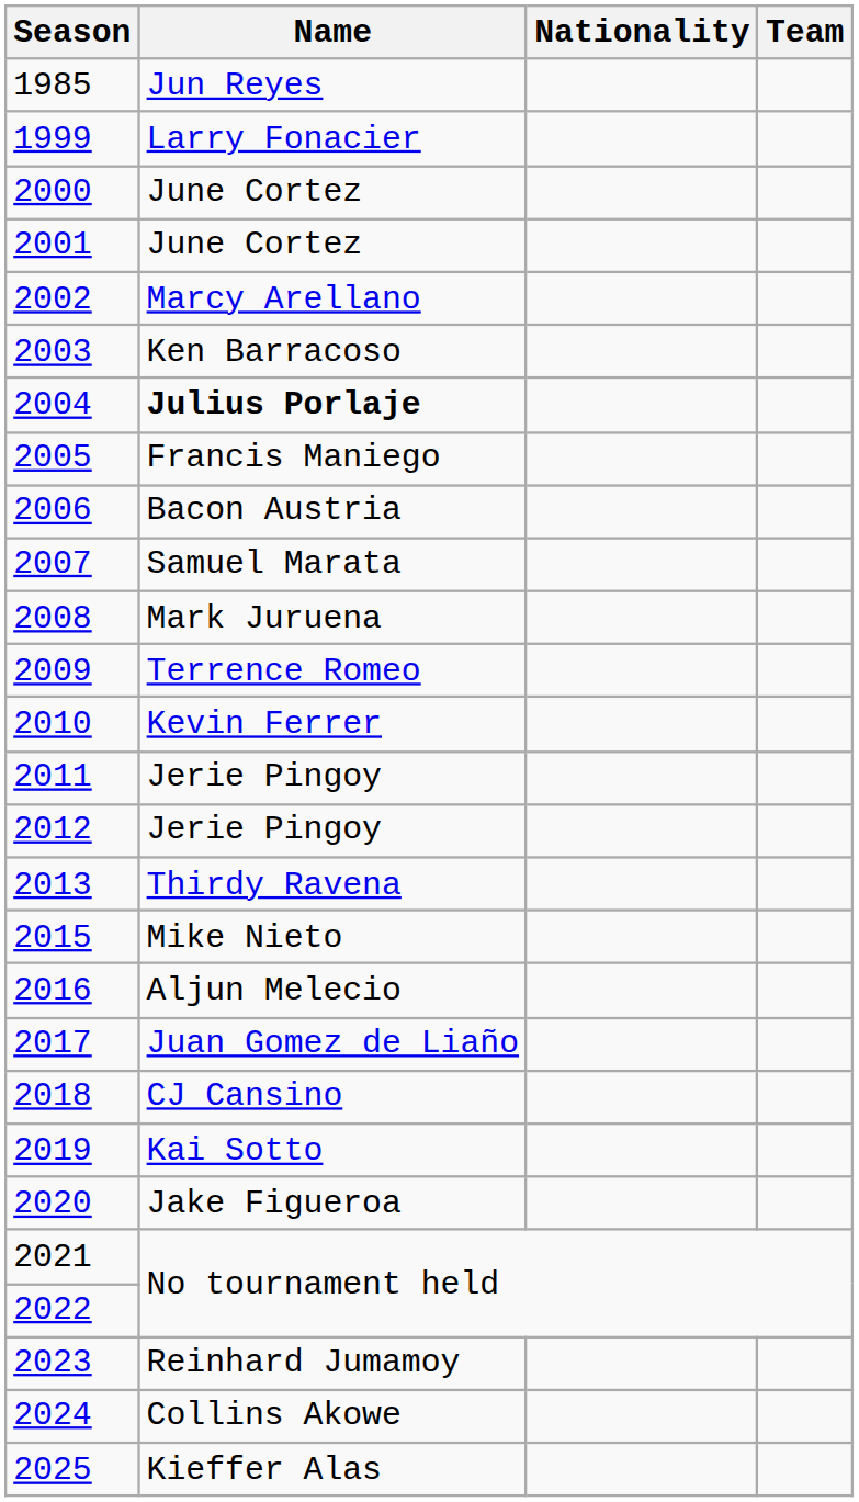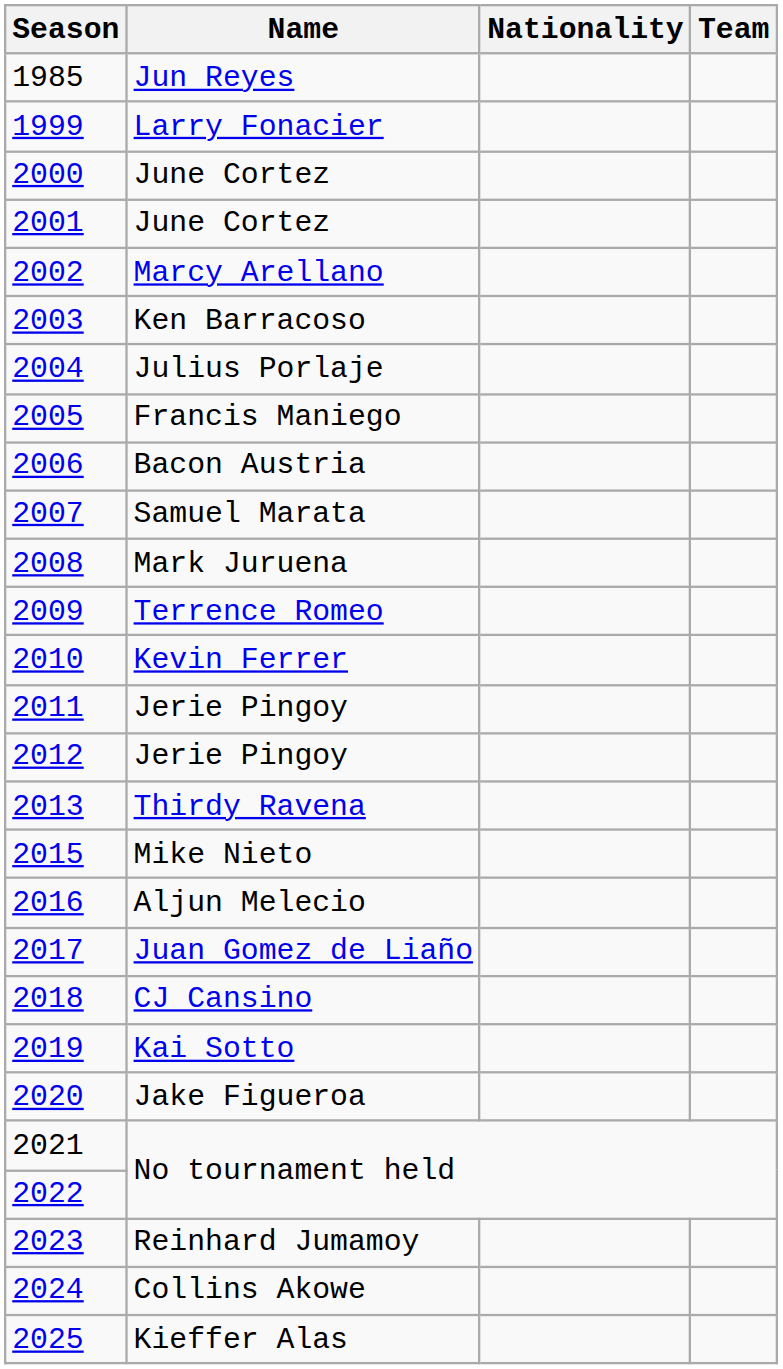 <table class="wikitable">
 <tr>
 <th>Season</th>
 <th>Name</th>
 <th>Nationality</th>
 <th>Team</th>
 </tr>
 <tr>
 <td>1985</td>
 <td><a href='#'>Jun Reyes</a></td>
 <td></td>
 <td></td>
 </tr>
 <tr>
 <td><a href='#'>1999</a></td>
 <td><a href='#'>Larry Fonacier</a></td>
 <td></td>
 <td></td>
 </tr>
 <tr>
 <td><a href='#'>2000</a></td>
 <td>June Cortez</td>
 <td></td>
 <td></td>
 </tr>
 <tr>
 <td><a href='#'>2001</a></td>
 <td>June Cortez</td>
 <td></td>
 <td></td>
 </tr>
 <tr>
 <td><a href='#'>2002</a></td>
 <td><a href='#'>Marcy Arellano</a></td>
 <td></td>
 <td></td>
 </tr>
 <tr>
 <td><a href='#'>2003</a></td>
 <td>Ken Barracoso</td>
 <td></td>
 <td></td>
 </tr>
 <tr>
 <td><a href='#'>2004</a></td>
-<td><strong>Julius Porlaje</strong></td>
+<td>Julius Porlaje</td>
 <td></td>
 <td></td>
 </tr>
 <tr>
 <td><a href='#'>2005</a></td>
 <td>Francis Maniego</td>
 <td></td>
 <td></td>
 </tr>
 <tr>
 <td><a href='#'>2006</a></td>
 <td>Bacon Austria</td>
 <td></td>
 <td></td>
 </tr>
 <tr>
 <td><a href='#'>2007</a></td>
 <td>Samuel Marata</td>
 <td></td>
 <td></td>
 </tr>
 <tr>
 <td><a href='#'>2008</a></td>
 <td>Mark Juruena</td>
 <td></td>
 <td></td>
 </tr>
 <tr>
 <td><a href='#'>2009</a></td>
 <td><a href='#'>Terrence Romeo</a></td>
 <td></td>
 <td></td>
 </tr>
 <tr>
 <td><a href='#'>2010</a></td>
 <td><a href='#'>Kevin Ferrer</a></td>
 <td></td>
 <td></td>
 </tr>
 <tr>
 <td><a href='#'>2011</a></td>
 <td>Jerie Pingoy</td>
 <td></td>
 <td></td>
 </tr>
 <tr>
 <td><a href='#'>2012</a></td>
 <td>Jerie Pingoy</td>
 <td></td>
 <td></td>
 </tr>
 <tr>
 <td><a href='#'>2013</a></td>
 <td><a href='#'>Thirdy Ravena</a></td>
 <td></td>
 <td></td>
 </tr>
 <tr>
 <td><a href='#'>2015</a></td>
 <td>Mike Nieto</td>
 <td></td>
 <td></td>
 </tr>
 <tr>
 <td><a href='#'>2016</a></td>
 <td>Aljun Melecio</td>
 <td></td>
 <td></td>
 </tr>
 <tr>
 <td><a href='#'>2017</a></td>
 <td><a href='#'>Juan Gomez de Liaño</a></td>
 <td></td>
 <td></td>
 </tr>
 <tr>
 <td><a href='#'>2018</a></td>
 <td><a href='#'>CJ Cansino</a></td>
 <td></td>
 <td></td>
 </tr>
 <tr>
 <td><a href='#'>2019</a></td>
 <td><a href='#'>Kai Sotto</a></td>
 <td></td>
 <td></td>
 </tr>
 <tr>
 <td><a href='#'>2020</a></td>
 <td>Jake Figueroa</td>
 <td></td>
 <td></td>
 </tr>
 <tr>
 <td>2021</td>
 <td colspan="3" rowspan="2">No tournament held</td>
 </tr>
 <tr>
 <td><a href='#'>2022</a></td>
 </tr>
 <tr>
 <td><a href='#'>2023</a></td>
 <td>Reinhard Jumamoy</td>
 <td></td>
 <td></td>
 </tr>
 <tr>
 <td><a href='#'>2024</a></td>
 <td>Collins Akowe</td>
 <td></td>
 <td></td>
 </tr>
 <tr>
 <td><a href='#'>2025</a></td>
 <td>Kieffer Alas</td>
 <td></td>
 <td></td>
 </tr>
 </table>
